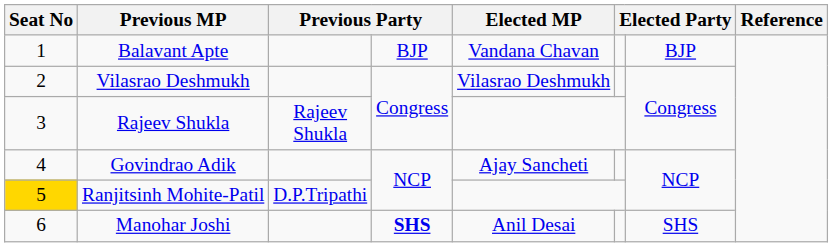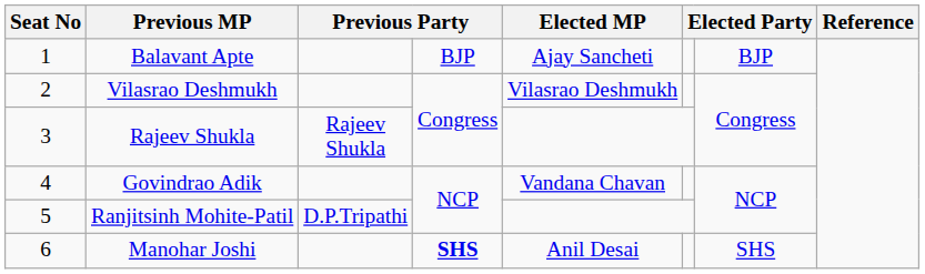 <table class="wikitable">
 <tr>
 <th>Seat No</th>
 <th>Previous MP</th>
 <th colspan=2>Previous Party</th>
 <th>Elected MP</th>
 <th colspan=2>Elected Party</th>
 <th>Reference</th>
 </tr>
 <tr style="text-align:center;">
 <td>1</td>
 <td><a href='#'>Balavant Apte</a></td>
 <td width="1px"></td>
 <td><a href='#'>BJP</a></td>
-<td><a href='#'>Vandana Chavan</a></td>
+<td><a href='#'>Ajay Sancheti</a></td>
 <td width="1px"></td>
 <td><a href='#'>BJP</a></td>
 <td rowspan=6></td>
 </tr>
 <tr style="text-align:center;">
 <td>2</td>
 <td><a href='#'>Vilasrao Deshmukh</a></td>
 <td width="1px"></td>
 <td rowspan=2><a href='#'>Congress</a></td>
 <td><a href='#'>Vilasrao Deshmukh</a></td>
 <td width="1px"></td>
 <td rowspan=2><a href='#'>Congress</a></td>
 </tr>
 <tr style="text-align:center;">
 <td>3</td>
 <td><a href='#'>Rajeev Shukla</a></td>
 <td><a href='#'>Rajeev Shukla</a></td>
 </tr>
 <tr style="text-align:center;">
 <td>4</td>
 <td><a href='#'>Govindrao Adik</a></td>
 <td width="1px"></td>
 <td rowspan=2><a href='#'>NCP</a></td>
-<td><a href='#'>Ajay Sancheti</a></td>
+<td><a href='#'>Vandana Chavan</a></td>
 <td width="1px"></td>
 <td rowspan=2><a href='#'>NCP</a></td>
 </tr>
 <tr style="text-align:center;">
-<td style="background: gold;">5</td>
+<td>5</td>
 <td><a href='#'>Ranjitsinh Mohite-Patil</a></td>
 <td><a href='#'>D.P.Tripathi</a></td>
 </tr>
 <tr style="text-align:center;">
 <td>6</td>
 <td><a href='#'>Manohar Joshi</a></td>
 <td width="1px"></td>
 <td><strong><a href='#'>SHS</a></strong></td>
 <td><a href='#'>Anil Desai</a></td>
 <td width="1px"></td>
 <td><a href='#'>SHS</a></td>
 </tr>
 </table>
